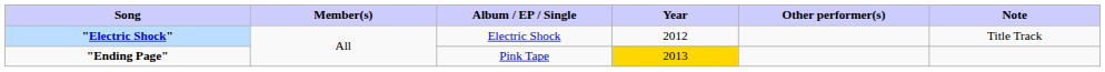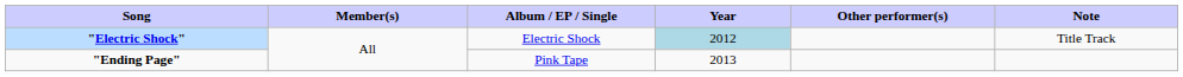 <table class="wikitable" style="margin:0.5em auto; clear:both; font-size:.9em; text-align:center; width:100%">
 <tr>
 <th width="500" style="background: #CCCCFF;">Song</th>
 <th width="350" style="background: #CCCCFF;">Member(s)</th>
 <th width="350" style="background: #CCCCFF;">Album / EP / Single</th>
 <th width="250" style="background: #CCCCFF;">Year</th>
 <th width="350" style="background: #CCCCFF;">Other performer(s)</th>
 <th width="350" style="background: #CCCCFF;">Note</th>
 </tr>
 <tr>
 <td style="background-color:#bbddff"><strong>"<a href='#'>Electric Shock</a>"</strong></td>
 <td rowspan="2">All</td>
 <td><a href='#'>Electric Shock</a></td>
-<td>2012</td>
+<td style="background: lightblue;">2012</td>
 <td></td>
 <td>Title Track</td>
 </tr>
 <tr>
 <td><strong>"Ending Page"</strong></td>
 <td><a href='#'>Pink Tape</a></td>
-<td style="background: gold;">2013</td>
+<td>2013</td>
 <td></td>
 <td></td>
 </tr>
 </table>
